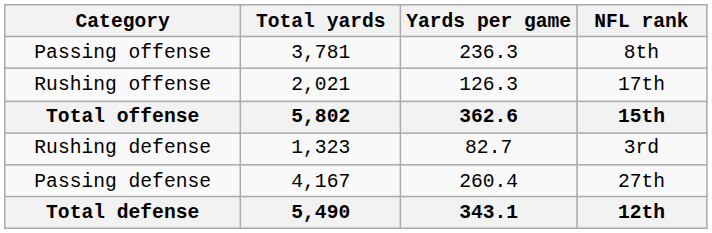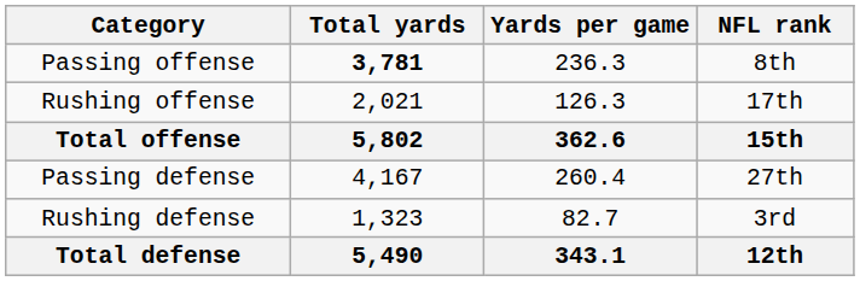 <table class="wikitable" style="text-align:center">
 <tr>
 <th width="150">Category</th>
 <th width="100">Total yards</th>
 <th width="110">Yards per game</th>
 <th width="80">NFL rank<br></th>
 </tr>
 <tr>
 <td>Passing offense</td>
-<td>3,781</td>
+<td><strong>3,781</strong></td>
 <td>236.3</td>
 <td>8th</td>
 </tr>
 <tr>
 <td>Rushing offense</td>
 <td>2,021</td>
 <td>126.3</td>
 <td>17th</td>
 </tr>
 <tr>
 <th>Total offense</th>
 <th>5,802</th>
 <th>362.6</th>
 <th>15th</th>
 </tr>
 <tr>
+<td>Passing defense</td>
+<td>4,167</td>
+<td>260.4</td>
+<td>27th</td>
+</tr>
+<tr>
 <td>Rushing defense</td>
 <td>1,323</td>
 <td>82.7</td>
 <td>3rd</td>
-</tr>
-<tr>
-<td>Passing defense</td>
-<td>4,167</td>
-<td>260.4</td>
-<td>27th</td>
 </tr>
 <tr>
 <th>Total defense</th>
 <th>5,490</th>
 <th>343.1</th>
 <th>12th</th>
 </tr>
 </table>
